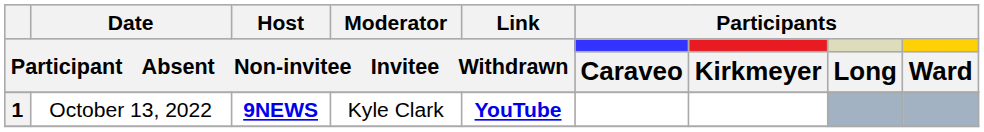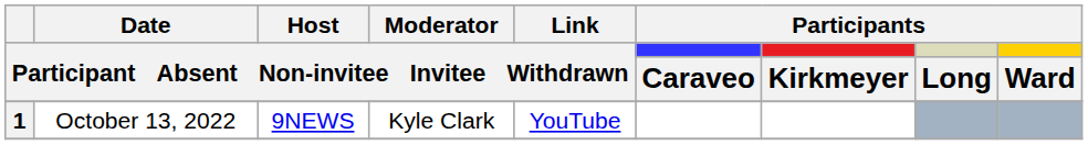 <table class="wikitable" style="text-align:center;">
 <tr style="font-size:small;">
 <th scope="col"></th>
 <th scope="col">Date</th>
 <th scope="col">Host</th>
 <th scope="col">Moderator</th>
 <th scope="col">Link</th>
 <th scope="col" colspan="4">Participants</th>
 </tr>
 <tr>
 <th colspan="5" rowspan="2"> <small>Participant  </small> <small>Absent  </small> <small>Non-invitee  </small> <small>Invitee  </small> <small>Withdrawn</small></th>
 <th scope="col" style="background:#3333FF;"></th>
 <th scope="col" style="background:#E81B23;"></th>
 <th scope="col" style="background:#DDDDBB;"></th>
 <th scope="col" style="background:#FED105;"></th>
 </tr>
 <tr>
 <th scope="col">Caraveo</th>
 <th scope="col">Kirkmeyer</th>
 <th scope="col">Long</th>
 <th scope="col">Ward</th>
 </tr>
 <tr>
 </tr>
 <tr style="background:#FFFFFF;font-size:small;">
 <th scope="row">1</th>
 <td style="white-space:nowrap;">October 13, 2022</td>
-<td style="white-space:nowrap;"><strong><a href='#'>9NEWS</a></strong></td>
+<td style="white-space:nowrap;"><a href='#'>9NEWS</a></td>
 <td style="white-space:nowrap;">Kyle Clark</td>
-<td style="white-space:nowrap;"><strong><a href='#'>YouTube</a></strong></td>
+<td style="white-space:nowrap;"><a href='#'>YouTube</a></td>
 <td></td>
 <td></td>
 <td style="background:#A2B2C2;"></td>
 <td style="background:#A2B2C2;"></td>
 </tr>
 <tr>
 </tr>
 </table>
